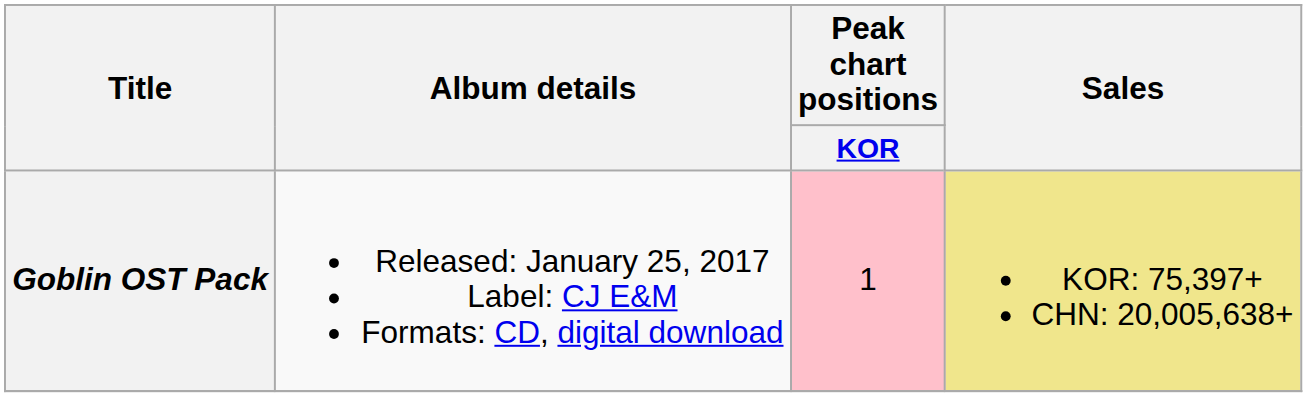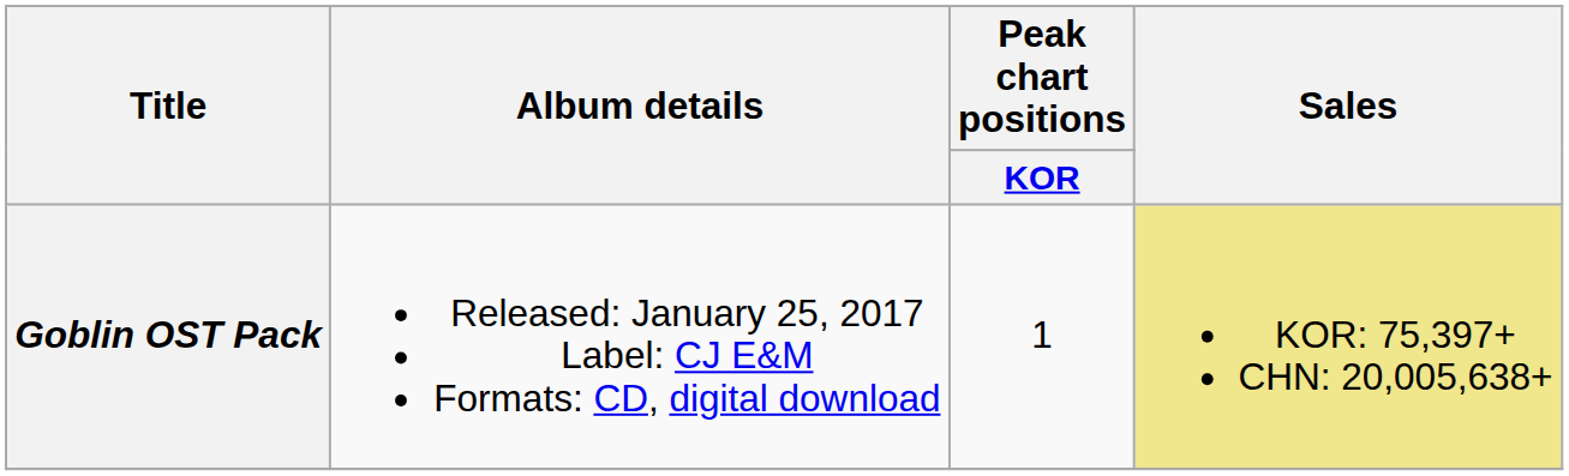 <table class="wikitable plainrowheaders" style="text-align:center;">
 <tr>
 <th scope="col" rowspan="2">Title</th>
 <th scope="col" rowspan="2">Album details</th>
 <th scope="col">Peak chart positions</th>
 <th scope="col" rowspan="2">Sales</th>
 </tr>
 <tr>
 <th scope="col" style="width:3em;font-size:90%;"><a href='#'>KOR</a><br></th>
 </tr>
 <tr>
 <th scope="row"><em>Goblin OST Pack</em></th>
 <td><br><ul><li>Released: January 25, 2017</li><li>Label: <a href='#'>CJ E&M</a></li><li>Formats: <a href='#'>CD</a>, <a href='#'>digital download</a></li></ul></td>
-<td style="background: pink;">1</td>
+<td>1</td>
 <td style="background: khaki;"><br><ul><li>KOR: 75,397+</li><li>CHN: 20,005,638+</li></ul></td>
 </tr>
 <tr>
 </tr>
 </table>
